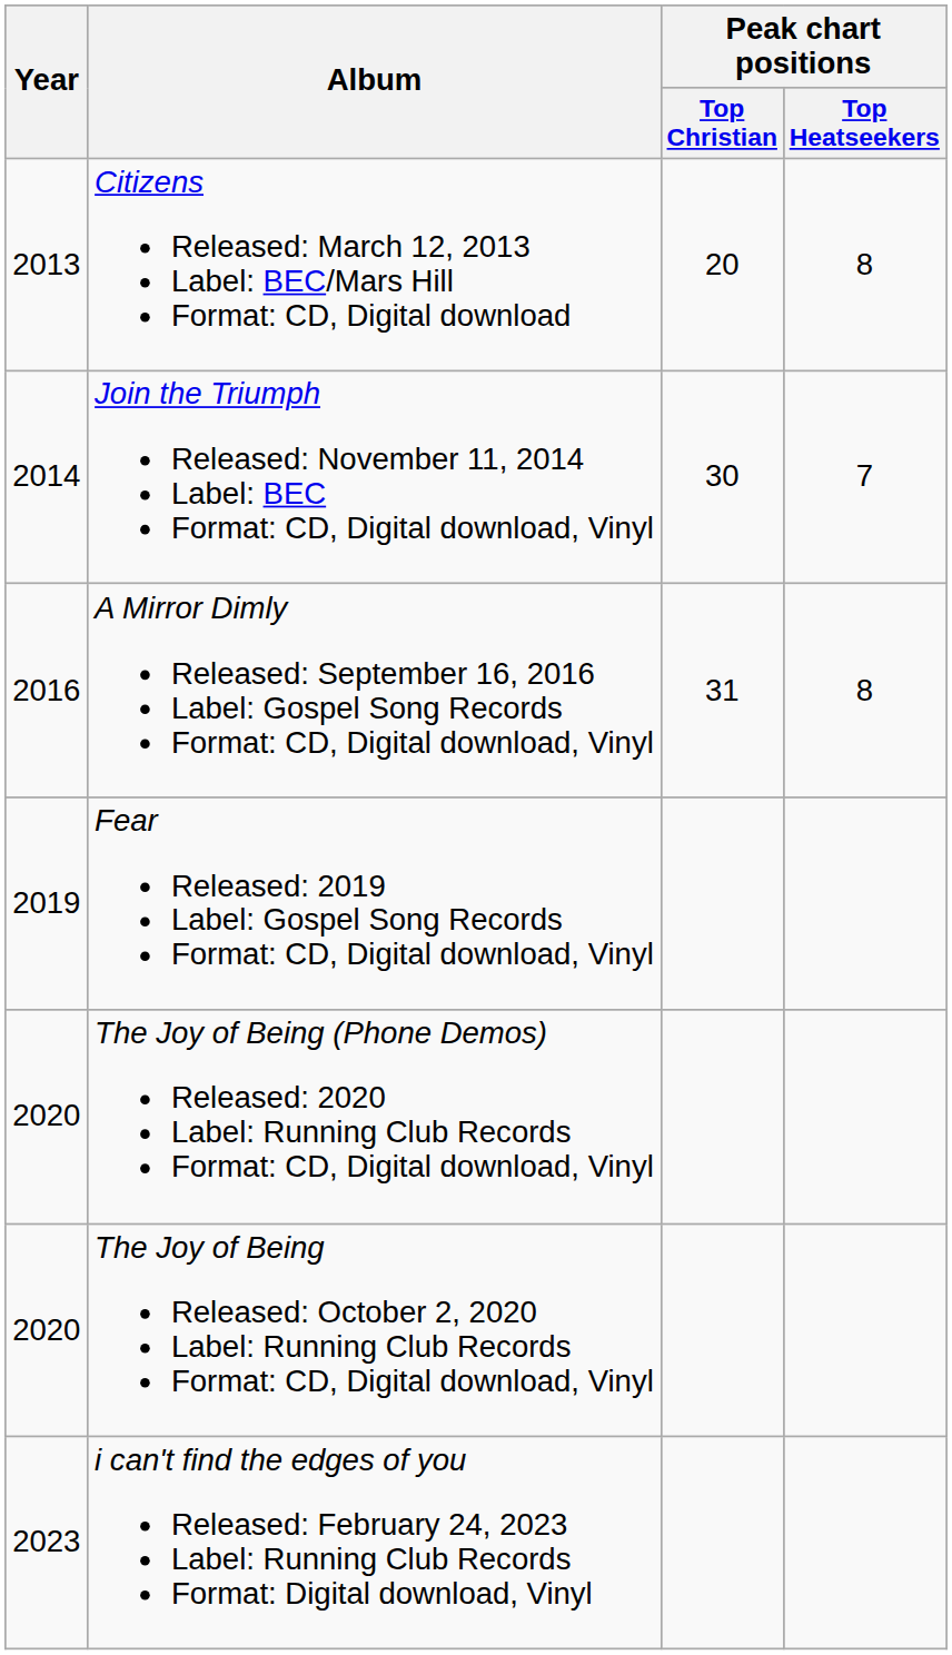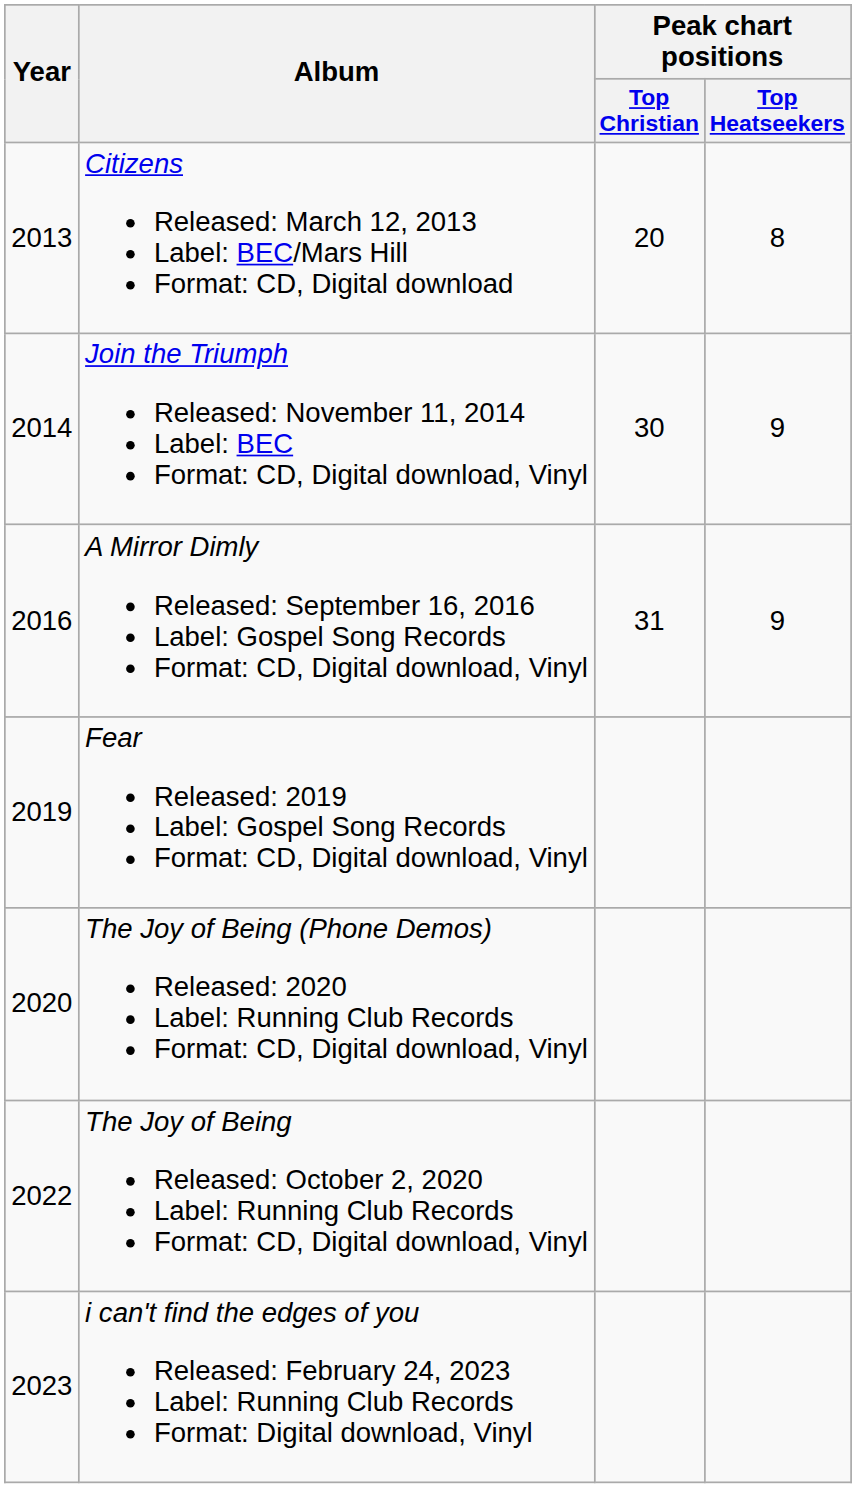 <table class="wikitable" style="text-align:center;">
 <tr>
 <th rowspan="2">Year</th>
 <th rowspan="2">Album</th>
 <th colspan="3">Peak chart positions</th>
 </tr>
 <tr style="font-size:smaller;">
 <th width="40"><a href='#'>Top<br>Christian</a></th>
 <th width="40"><a href='#'>Top<br>Heatseekers</a></th>
 </tr>
 <tr>
 <td>2013</td>
 <td align="left"><em><a href='#'>Citizens</a></em><br><ul><li>Released: March 12, 2013</li><li>Label: <a href='#'>BEC</a>/Mars Hill</li><li>Format: CD, Digital download</li></ul></td>
 <td>20</td>
 <td>8</td>
 </tr>
 <tr>
 <td>2014</td>
 <td align="left"><em><a href='#'>Join the Triumph</a></em><br><ul><li>Released: November 11, 2014</li><li>Label: <a href='#'>BEC</a></li><li>Format: CD, Digital download, Vinyl</li></ul></td>
 <td>30</td>
-<td>7</td>
+<td>9</td>
 </tr>
 <tr>
 <td>2016</td>
 <td align="left"><em>A Mirror Dimly</em><br><ul><li>Released: September 16, 2016</li><li>Label: Gospel Song Records</li><li>Format: CD, Digital download, Vinyl</li></ul></td>
 <td>31</td>
-<td>8</td>
+<td>9</td>
 </tr>
 <tr>
 <td>2019</td>
 <td align="left"><em>Fear</em><br><ul><li>Released: 2019</li><li>Label: Gospel Song Records</li><li>Format: CD, Digital download, Vinyl</li></ul></td>
 <td></td>
 <td></td>
 </tr>
 <tr>
 <td>2020</td>
 <td align="left"><em>The Joy of Being (Phone Demos)</em><br><ul><li>Released: 2020</li><li>Label: Running Club Records</li><li>Format: CD, Digital download, Vinyl</li></ul></td>
 <td></td>
 <td></td>
 </tr>
 <tr>
-<td>2020</td>
+<td>2022</td>
 <td align="left"><em>The Joy of Being</em><br><ul><li>Released: October 2, 2020</li><li>Label: Running Club Records</li><li>Format: CD, Digital download, Vinyl</li></ul></td>
 <td></td>
 <td></td>
 </tr>
 <tr>
 <td>2023</td>
 <td align="left"><em>i can't find the edges of you</em><br><ul><li>Released: February 24, 2023</li><li>Label: Running Club Records</li><li>Format: Digital download, Vinyl</li></ul></td>
 <td></td>
 <td></td>
 </tr>
 </table>
